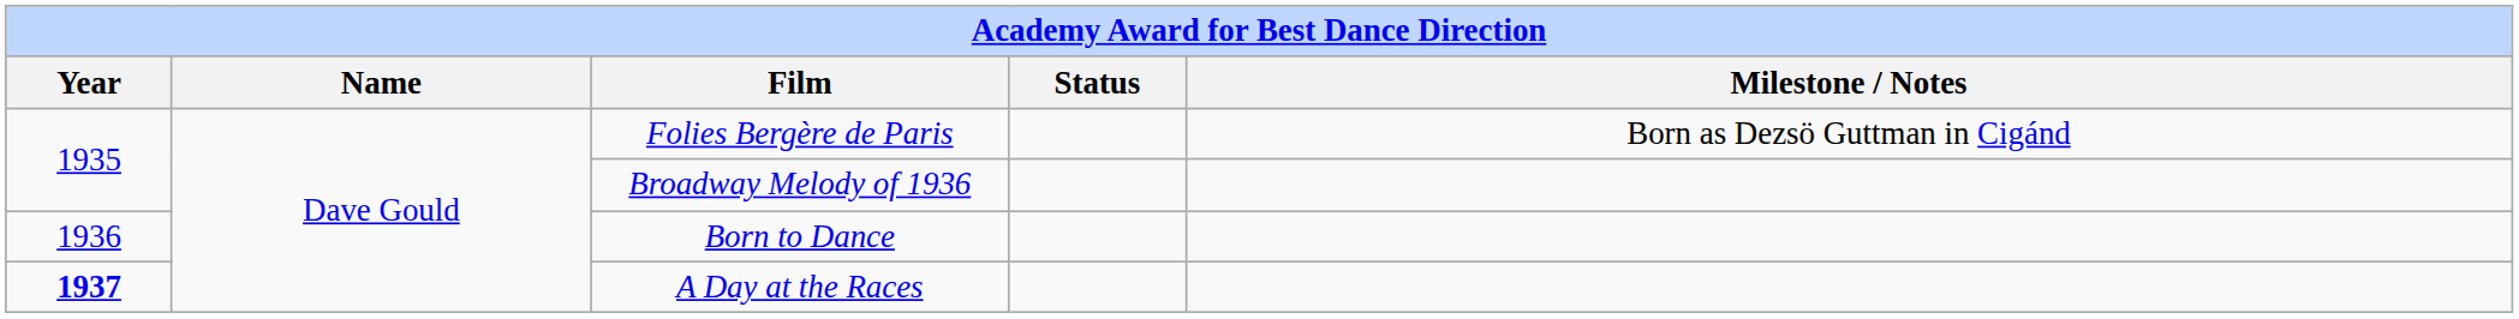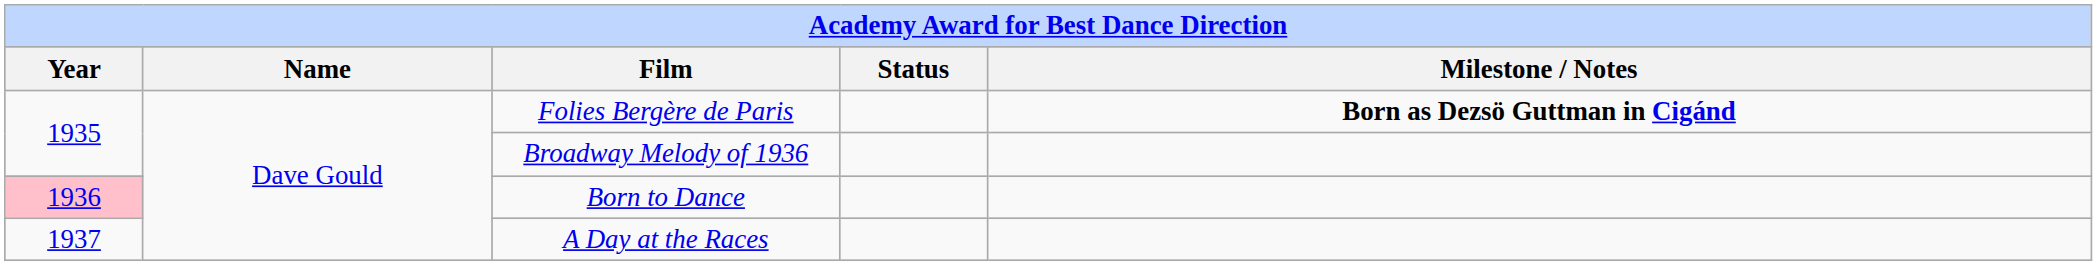 <table class="wikitable" style="text-align: center">
 <tr ---- style="background:#bfd7ff">
 <td colspan=6 style="text-align:center"><strong><a href='#'>Academy Award for Best Dance Direction</a></strong></td>
 </tr>
 <tr ---- style="background:#ebf5ff">
 <th width="75">Year</th>
 <th width="200">Name</th>
 <th width="200">Film</th>
 <th width="80">Status</th>
 <th width="650">Milestone / Notes</th>
 </tr>
 <tr>
 <td rowspan="2"><a href='#'>1935</a></td>
 <td rowspan="4"><a href='#'>Dave Gould</a></td>
 <td><em><a href='#'>Folies Bergère de Paris</a></em></td>
 <td></td>
-<td>Born as Dezsö Guttman in <a href='#'>Cigánd</a></td>
+<td><strong>Born as Dezsö Guttman in <a href='#'>Cigánd</a></strong></td>
 </tr>
 <tr>
 <td><em><a href='#'>Broadway Melody of 1936</a></em></td>
 <td></td>
 <td></td>
 </tr>
 <tr>
-<td><a href='#'>1936</a></td>
+<td style="background: pink;"><a href='#'>1936</a></td>
 <td><em><a href='#'>Born to Dance</a></em></td>
 <td></td>
 <td></td>
 </tr>
 <tr>
-<td><strong><a href='#'>1937</a></strong></td>
+<td><a href='#'>1937</a></td>
 <td><em><a href='#'>A Day at the Races</a></em></td>
 <td></td>
 <td></td>
 </tr>
 </table>
